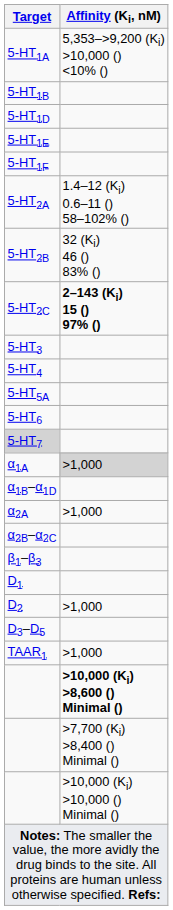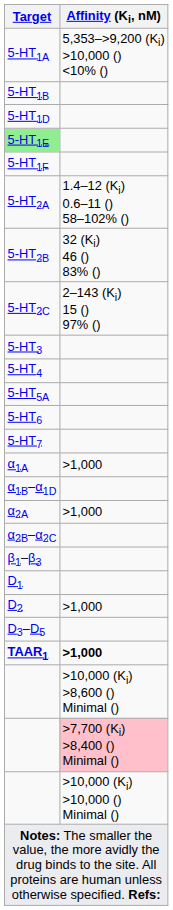 <table class="wikitable floatleft" style="font-size:small;">
 <tr>
 <th><a href='#'>Target</a></th>
 <th><a href='#'>Affinity</a> (K<sub>i</sub>, nM)</th>
 </tr>
 <tr>
 <td><a href='#'>5-HT<sub>1A</sub></a></td>
 <td>5,353–>9,200 (K<sub>i</sub>)<br>>10,000 ()<br><10% ()</td>
 </tr>
 <tr>
 <td><a href='#'>5-HT<sub>1B</sub></a></td>
 <td></td>
 </tr>
 <tr>
 <td><a href='#'>5-HT<sub>1D</sub></a></td>
 <td></td>
 </tr>
 <tr>
-<td><a href='#'>5-HT<sub>1E</sub></a></td>
+<td style="background: lightgreen;"><a href='#'>5-HT<sub>1E</sub></a></td>
 <td></td>
 </tr>
 <tr>
 <td><a href='#'>5-HT<sub>1F</sub></a></td>
 <td></td>
 </tr>
 <tr>
 <td><a href='#'>5-HT<sub>2A</sub></a></td>
 <td>1.4–12 (K<sub>i</sub>)<br>0.6–11 ()<br>58–102% ()</td>
 </tr>
 <tr>
 <td><a href='#'>5-HT<sub>2B</sub></a></td>
 <td>32 (K<sub>i</sub>)<br>46 ()<br>83% ()</td>
 </tr>
 <tr>
 <td><a href='#'>5-HT<sub>2C</sub></a></td>
-<td><strong>2–143 (K<sub>i</sub>)<br>15 ()<br>97% ()</strong></td>
+<td>2–143 (K<sub>i</sub>)<br>15 ()<br>97% ()</td>
 </tr>
 <tr>
 <td><a href='#'>5-HT<sub>3</sub></a></td>
 <td></td>
 </tr>
 <tr>
 <td><a href='#'>5-HT<sub>4</sub></a></td>
 <td></td>
 </tr>
 <tr>
 <td><a href='#'>5-HT<sub>5A</sub></a></td>
 <td></td>
 </tr>
 <tr>
 <td><a href='#'>5-HT<sub>6</sub></a></td>
 <td></td>
 </tr>
 <tr>
-<td style="background: lightgrey;"><a href='#'>5-HT<sub>7</sub></a></td>
+<td><a href='#'>5-HT<sub>7</sub></a></td>
 <td></td>
 </tr>
 <tr>
 <td><a href='#'>α<sub>1A</sub></a></td>
-<td style="background: lightgrey;">>1,000</td>
+<td>>1,000</td>
 </tr>
 <tr>
 <td><a href='#'>α<sub>1B</sub></a>–<a href='#'>α<sub>1D</sub></a></td>
 <td></td>
 </tr>
 <tr>
 <td><a href='#'>α<sub>2A</sub></a></td>
 <td>>1,000</td>
 </tr>
 <tr>
 <td><a href='#'>α<sub>2B</sub></a>–<a href='#'>α<sub>2C</sub></a></td>
 <td></td>
 </tr>
 <tr>
 <td><a href='#'>β<sub>1</sub></a>–<a href='#'>β<sub>3</sub></a></td>
 <td></td>
 </tr>
 <tr>
 <td><a href='#'>D<sub>1</sub></a></td>
 <td></td>
 </tr>
 <tr>
 <td><a href='#'>D<sub>2</sub></a></td>
 <td>>1,000</td>
 </tr>
 <tr>
 <td><a href='#'>D<sub>3</sub></a>–<a href='#'>D<sub>5</sub></a></td>
 <td></td>
 </tr>
 <tr>
-<td><a href='#'>TAAR<sub>1</sub></a></td>
-<td>>1,000</td>
+<td><strong><a href='#'>TAAR<sub>1</sub></a></strong></td>
+<td><strong>>1,000</strong></td>
 </tr>
 <tr>
 <td></td>
-<td><strong>>10,000 (K<sub>i</sub>)<br>>8,600 ()<br>Minimal ()</strong></td>
+<td>>10,000 (K<sub>i</sub>)<br>>8,600 ()<br>Minimal ()</td>
 </tr>
 <tr>
 <td></td>
-<td>>7,700 (K<sub>i</sub>)<br>>8,400 ()<br>Minimal ()</td>
+<td style="background: pink;">>7,700 (K<sub>i</sub>)<br>>8,400 ()<br>Minimal ()</td>
 </tr>
 <tr>
 <td></td>
 <td>>10,000 (K<sub>i</sub>)<br>>10,000 ()<br>Minimal ()</td>
 </tr>
 <tr class="sortbottom">
 <td colspan="2" style="width: 1px; background-color:#eaecf0; text-align: center;"><strong>Notes:</strong> The smaller the value, the more avidly the drug binds to the site. All proteins are human unless otherwise specified. <strong>Refs:</strong> </td>
 </tr>
 </table>
